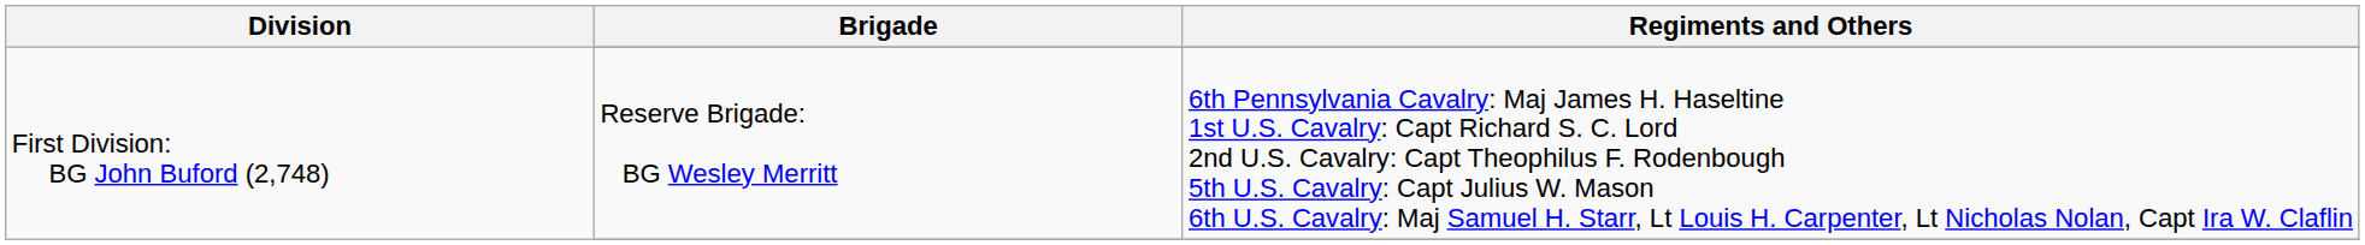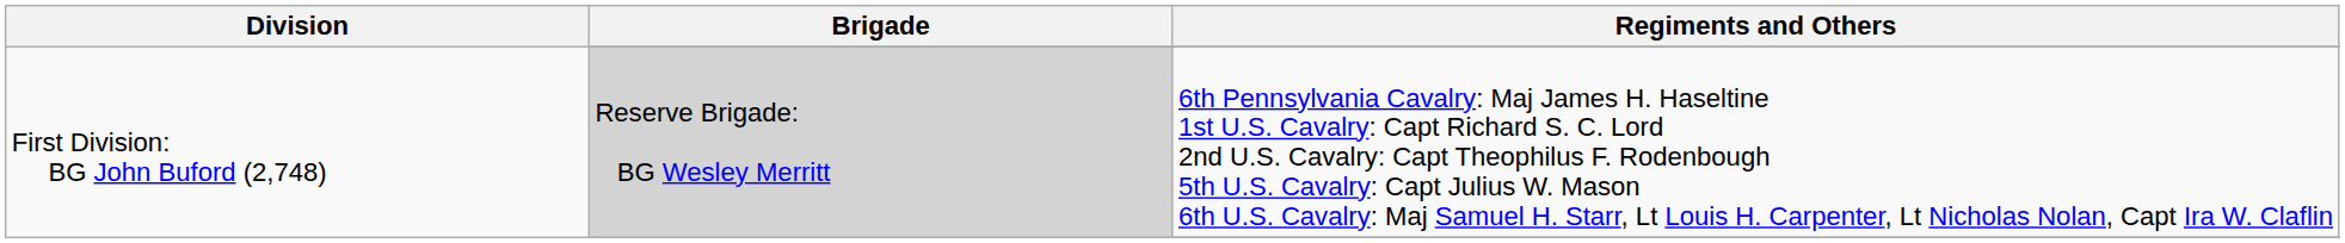 <table class="wikitable">
 <tr>
 <th width=25%>Division</th>
 <th width=25%>Brigade</th>
 <th>Regiments and Others</th>
 </tr>
 <tr>
 <td rowspan=3><br>First Division: <br>     BG <a href='#'>John Buford</a> (2,748)</td>
 </tr>
 <tr>
-<td>Reserve Brigade:<br><br>   BG <a href='#'>Wesley Merritt</a></td>
+<td style="background: lightgrey;">Reserve Brigade:<br><br>   BG <a href='#'>Wesley Merritt</a></td>
 <td><br><a href='#'>6th Pennsylvania Cavalry</a>: Maj James H. Haseltine <br> <a href='#'>1st U.S. Cavalry</a>: Capt Richard S. C. Lord <br> 2nd U.S. Cavalry: Capt Theophilus F. Rodenbough <br> <a href='#'>5th U.S. Cavalry</a>: Capt Julius W. Mason <br> <a href='#'>6th U.S. Cavalry</a>: Maj <a href='#'>Samuel H. Starr</a>, Lt <a href='#'>Louis H. Carpenter</a>, Lt <a href='#'>Nicholas Nolan</a>, Capt <a href='#'>Ira W. Claflin</a></td>
 </tr>
 <tr>
 </tr>
 </table>
